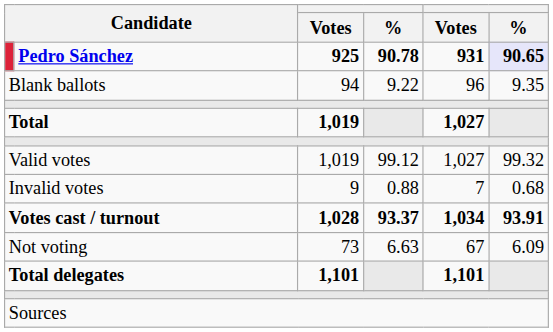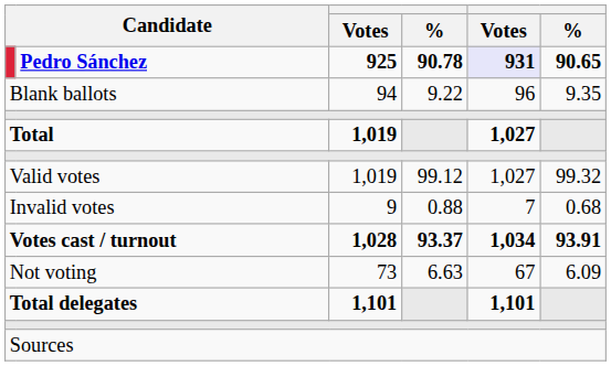 <table class="wikitable" style="text-align:right;">
 <tr>
 <th rowspan="2" colspan="2" width="250">Candidate</th>
 <th colspan="2"></th>
 <th colspan="2"></th>
 </tr>
 <tr>
 <th width="50">Votes</th>
 <th width="45">%</th>
 <th width="50">Votes</th>
 <th width="45">%</th>
 </tr>
 <tr>
 <td width="1" style="color:inherit;background:#DD2239"></td>
 <td align="left"><strong><a href='#'>Pedro Sánchez</a></strong></td>
 <td><strong>925</strong></td>
 <td><strong>90.78</strong></td>
-<td><strong>931</strong></td>
-<td style="background: lavender;"><strong>90.65</strong></td>
+<td style="background: lavender;"><strong>931</strong></td>
+<td><strong>90.65</strong></td>
 </tr>
 <tr>
 <td align="left" colspan="2">Blank ballots</td>
 <td>94</td>
 <td>9.22</td>
 <td>96</td>
 <td>9.35</td>
 </tr>
 <tr>
 <td colspan="6" bgcolor="#E9E9E9"></td>
 </tr>
 <tr style="font-weight:bold;">
 <td align="left" colspan="2">Total</td>
 <td>1,019</td>
 <td bgcolor="#E9E9E9"></td>
 <td>1,027</td>
 <td bgcolor="#E9E9E9"></td>
 </tr>
 <tr>
 <td colspan="6" bgcolor="#E9E9E9"></td>
 </tr>
 <tr>
 <td align="left" colspan="2">Valid votes</td>
 <td>1,019</td>
 <td>99.12</td>
 <td>1,027</td>
 <td>99.32</td>
 </tr>
 <tr>
 <td align="left" colspan="2">Invalid votes</td>
 <td>9</td>
 <td>0.88</td>
 <td>7</td>
 <td>0.68</td>
 </tr>
 <tr style="font-weight:bold;">
 <td align="left" colspan="2">Votes cast / turnout</td>
 <td>1,028</td>
 <td>93.37</td>
 <td>1,034</td>
 <td>93.91</td>
 </tr>
 <tr>
 <td align="left" colspan="2">Not voting</td>
 <td>73</td>
 <td>6.63</td>
 <td>67</td>
 <td>6.09</td>
 </tr>
 <tr style="font-weight:bold;">
 <td align="left" colspan="2">Total delegates</td>
 <td>1,101</td>
 <td bgcolor="#E9E9E9"></td>
 <td>1,101</td>
 <td bgcolor="#E9E9E9"></td>
 </tr>
 <tr>
 <td colspan="6" bgcolor="#E9E9E9"></td>
 </tr>
 <tr>
 <td align="left" colspan="6">Sources</td>
 </tr>
 </table>
